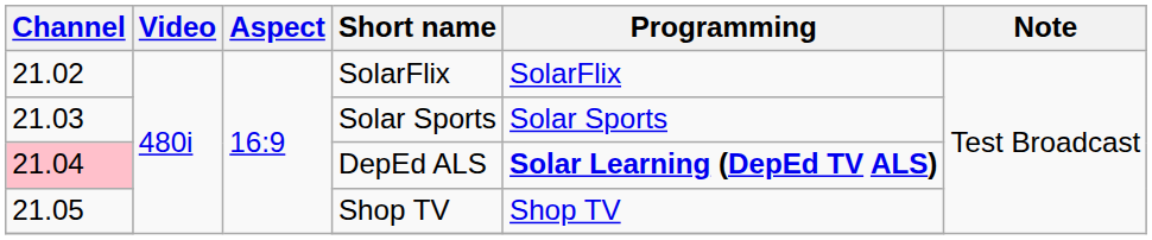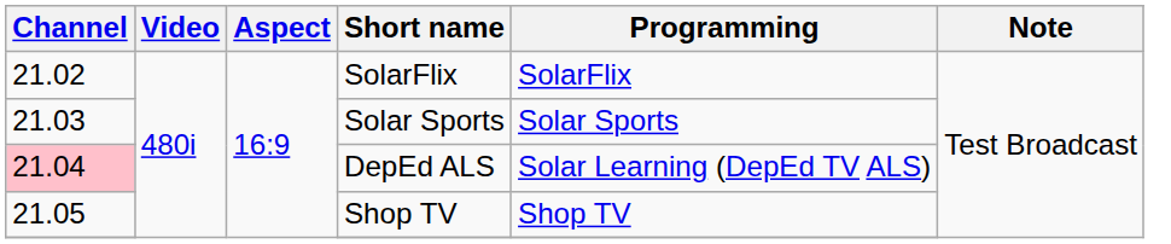 <table class="wikitable">
 <tr Solar>
 <th><a href='#'>Channel</a></th>
 <th><a href='#'>Video</a></th>
 <th><a href='#'>Aspect</a></th>
 <th>Short name</th>
 <th>Programming</th>
 <th>Note</th>
 </tr>
 <tr>
 <td>21.02</td>
 <td rowspan=5><a href='#'>480i</a></td>
 <td rowspan=5><a href='#'>16:9</a></td>
 <td>SolarFlix</td>
 <td><a href='#'>SolarFlix</a> </td>
 <td rowspan=5>Test Broadcast</td>
 </tr>
 <tr>
 <td>21.03</td>
 <td>Solar Sports</td>
 <td><a href='#'>Solar Sports</a></td>
 </tr>
 <tr>
 <td style="background: pink;">21.04</td>
 <td>DepEd ALS</td>
-<td><strong><a href='#'>Solar Learning</a> (<a href='#'>DepEd TV</a> <a href='#'>ALS</a>)</strong></td>
+<td><a href='#'>Solar Learning</a> (<a href='#'>DepEd TV</a> <a href='#'>ALS</a>)</td>
 </tr>
 <tr>
 <td>21.05</td>
 <td>Shop TV</td>
 <td><a href='#'>Shop TV</a></td>
 </tr>
 <tr>
 </tr>
 </table>
